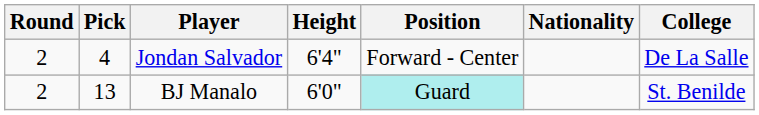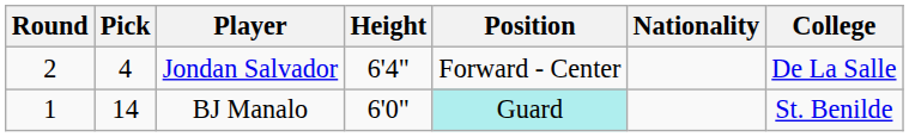 <table class="wikitable sortable sortable">
 <tr>
 <th>Round</th>
 <th>Pick</th>
 <th>Player</th>
 <th>Height</th>
 <th>Position</th>
 <th>Nationality</th>
 <th>College</th>
 </tr>
 <tr style="text-align: center">
 <td>2</td>
 <td>4</td>
 <td><a href='#'>Jondan Salvador</a></td>
 <td>6'4"</td>
 <td>Forward - Center</td>
 <td></td>
 <td><a href='#'>De La Salle</a></td>
 </tr>
 <tr style="text-align: center">
-<td>2</td>
-<td>13</td>
+<td>1</td>
+<td>14</td>
 <td>BJ Manalo</td>
 <td>6'0"</td>
 <td style="background: paleturquoise;">Guard</td>
 <td></td>
 <td><a href='#'>St. Benilde</a></td>
 </tr>
 </table>
